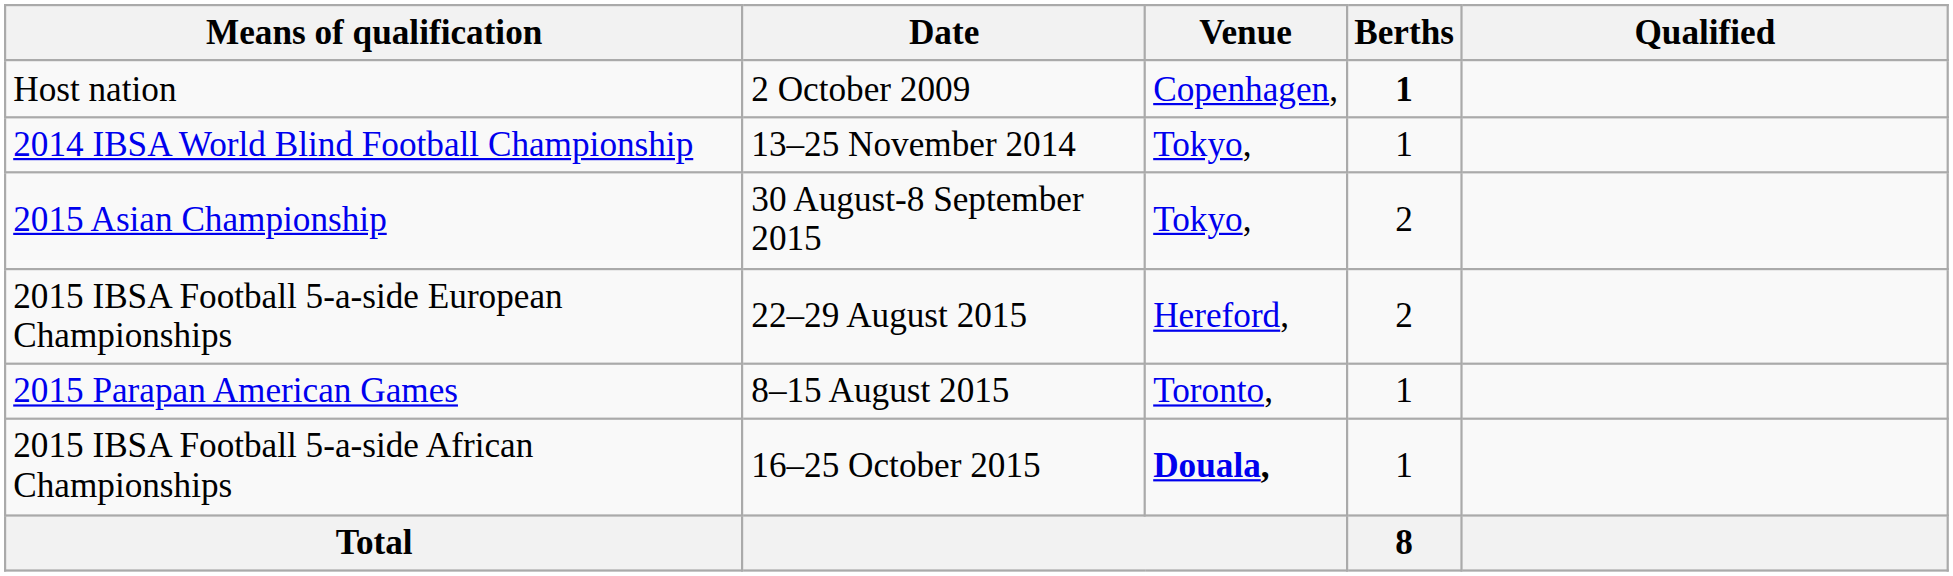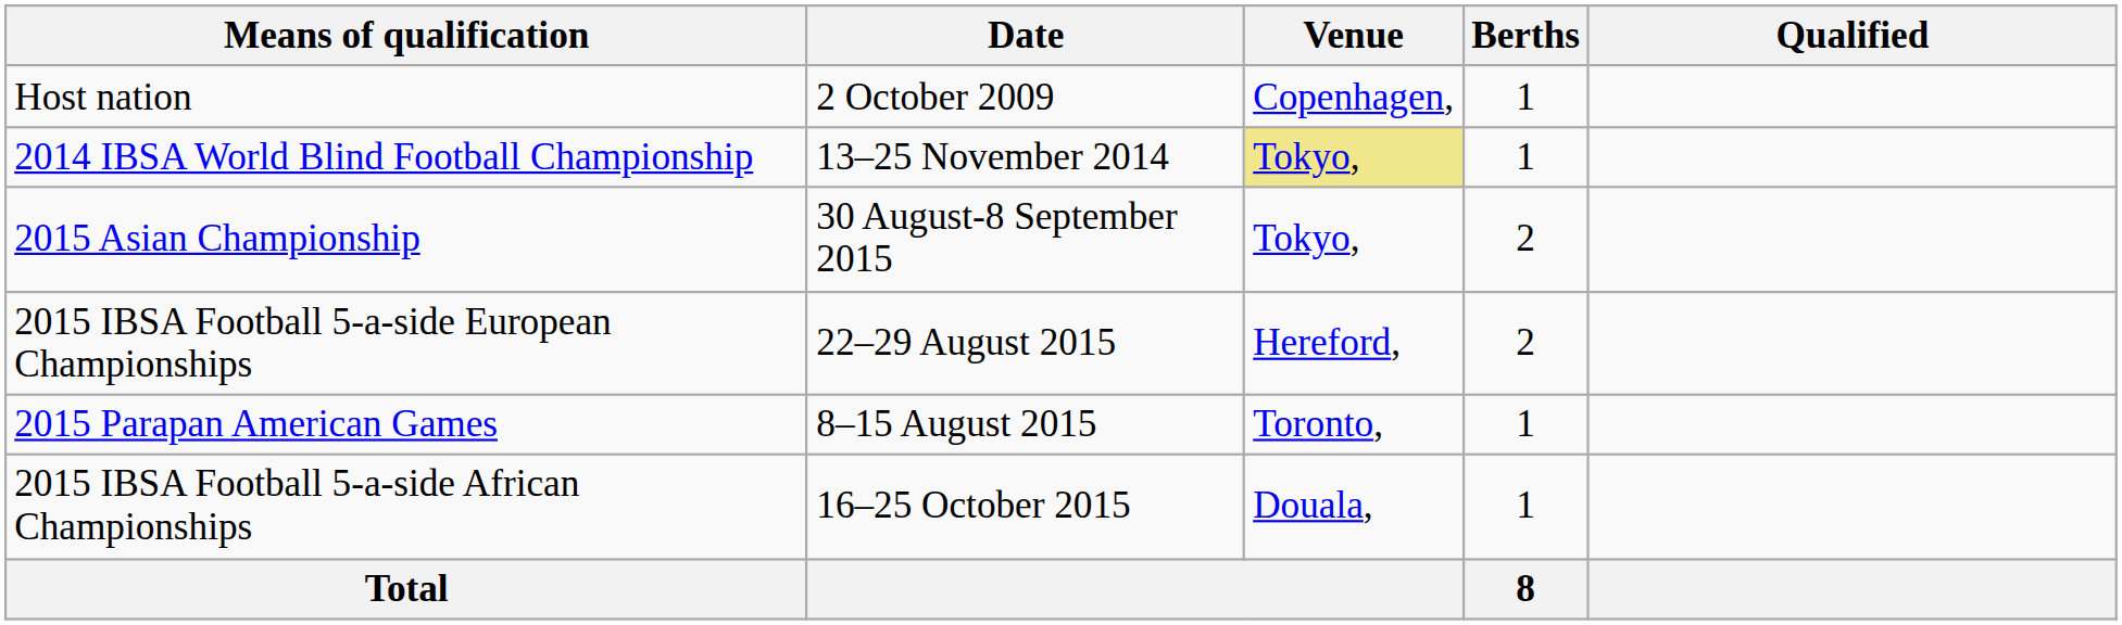 <table class="wikitable" width="100%">
 <tr>
 <th>Means of qualification</th>
 <th>Date</th>
 <th>Venue</th>
 <th>Berths</th>
 <th style="width:25%;">Qualified</th>
 </tr>
 <tr>
 <td>Host nation</td>
 <td>2 October 2009</td>
 <td><a href='#'>Copenhagen</a>, </td>
-<td align="center"><strong>1</strong></td>
+<td align="center">1</td>
 <td></td>
 </tr>
 <tr>
 <td><a href='#'>2014 IBSA World Blind Football Championship</a></td>
 <td>13–25 November 2014</td>
-<td><a href='#'>Tokyo</a>, </td>
+<td style="background: khaki;"><a href='#'>Tokyo</a>, </td>
 <td align="center">1</td>
 <td></td>
 </tr>
 <tr>
 <td><a href='#'>2015 Asian Championship</a></td>
 <td>30 August-8 September 2015</td>
 <td><a href='#'>Tokyo</a>, </td>
 <td align="center">2</td>
 <td><br></td>
 </tr>
 <tr>
 <td>2015 IBSA Football 5-a-side European Championships</td>
 <td>22–29 August 2015</td>
 <td><a href='#'>Hereford</a>, </td>
 <td align="center">2</td>
 <td><br></td>
 </tr>
 <tr>
 <td><a href='#'>2015 Parapan American Games</a></td>
 <td>8–15 August 2015</td>
 <td><a href='#'>Toronto</a>, </td>
 <td align="center">1</td>
 <td></td>
 </tr>
 <tr>
 <td>2015 IBSA Football 5-a-side African Championships</td>
 <td>16–25 October 2015</td>
-<td><strong><a href='#'>Douala</a>, </strong></td>
+<td><a href='#'>Douala</a>, </td>
 <td align="center">1</td>
 <td></td>
 </tr>
 <tr>
 <th>Total</th>
 <th colspan="2"></th>
 <th>8</th>
 <th></th>
 </tr>
 </table>
